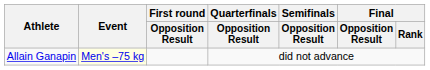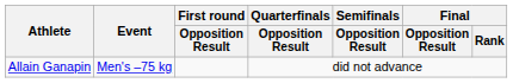 <table class="wikitable" style="font-size:90%;">
 <tr>
 <th rowspan=2>Athlete</th>
 <th rowspan=2>Event</th>
 <th>First round</th>
 <th>Quarterfinals</th>
 <th>Semifinals</th>
 <th colspan=2>Final</th>
 </tr>
 <tr style="font-size:95%">
 <th>Opposition<br>Result</th>
 <th>Opposition<br>Result</th>
 <th>Opposition<br>Result</th>
 <th>Opposition<br>Result</th>
 <th>Rank</th>
 </tr>
 <tr align=center>
 <td align=left><a href='#'>Allain Ganapin</a></td>
-<td align=left style="background: lightyellow;"><a href='#'>Men's –75 kg</a></td>
+<td align=left><a href='#'>Men's –75 kg</a></td>
 <td> <br><strong></strong></td>
 <td colspan=4>did not advance</td>
 </tr>
 </table>
